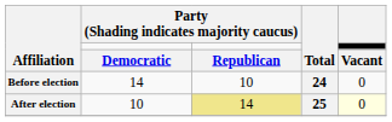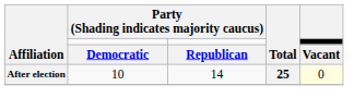 <table class=wikitable style="text-align:center">
 <tr style="vertical-align:bottom;">
 <th rowspan=3>Affiliation</th>
 <th colspan=2>Party <div>(Shading indicates majority caucus)</div></th>
 <th rowspan=3>Total</th>
 <th></th>
 </tr>
 <tr style="height:5px">
 <td style="background-color:"></td>
 <td style="background-color:"></td>
 <td style="background: black"></td>
 </tr>
 <tr>
 <th><a href='#'>Democratic</a></th>
 <th><a href='#'>Republican</a></th>
 <th>Vacant</th>
 </tr>
 <tr>
-<th nowrap style="font-size:80%">Before election</th>
-<td>14</td>
-<td>10</td>
-<th>24</th>
-<td>0</td>
-</tr>
-<tr>
 <th nowrap style="font-size:80%">After election</th>
 <td>10</td>
-<td style="background: khaki;">14</td>
+<td>14</td>
 <th>25</th>
 <td style="background: lightyellow;">0</td>
 </tr>
 <tr>
 </tr>
 </table>
